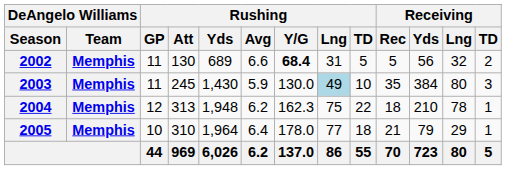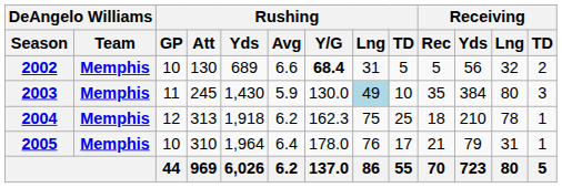 <table class="wikitable" style="text-align:center;">
 <tr>
 <th colspan="2">DeAngelo Williams</th>
 <th colspan="7">Rushing</th>
 <th colspan="4">Receiving</th>
 </tr>
 <tr>
 <th>Season</th>
 <th>Team</th>
 <th>GP</th>
 <th>Att</th>
 <th>Yds</th>
 <th>Avg</th>
 <th>Y/G</th>
 <th>Lng</th>
 <th>TD</th>
 <th>Rec</th>
 <th>Yds</th>
 <th>Lng</th>
 <th>TD</th>
 </tr>
 <tr>
 <th><a href='#'>2002</a></th>
 <th><a href='#'>Memphis</a></th>
-<td>11</td>
+<td>10</td>
 <td>130</td>
 <td>689</td>
 <td>6.6</td>
 <td><strong>68.4</strong></td>
 <td>31</td>
 <td>5</td>
 <td>5</td>
 <td>56</td>
 <td>32</td>
 <td>2</td>
 </tr>
 <tr>
 <th><a href='#'>2003</a></th>
 <th><a href='#'>Memphis</a></th>
 <td>11</td>
 <td>245</td>
 <td>1,430</td>
 <td>5.9</td>
 <td>130.0</td>
 <td style="background: lightblue;">49</td>
 <td>10</td>
 <td>35</td>
 <td>384</td>
 <td>80</td>
 <td>3</td>
 </tr>
 <tr>
 <th><a href='#'>2004</a></th>
 <th><a href='#'>Memphis</a></th>
 <td>12</td>
 <td>313</td>
-<td>1,948</td>
+<td>1,918</td>
 <td>6.2</td>
 <td>162.3</td>
 <td>75</td>
-<td>22</td>
+<td>25</td>
 <td>18</td>
 <td>210</td>
 <td>78</td>
 <td>1</td>
 </tr>
 <tr>
 <th><a href='#'>2005</a></th>
 <th><a href='#'>Memphis</a></th>
 <td>10</td>
 <td>310</td>
 <td>1,964</td>
 <td>6.4</td>
 <td>178.0</td>
-<td>77</td>
-<td>18</td>
+<td>76</td>
+<td>17</td>
 <td>21</td>
 <td>79</td>
-<td>29</td>
+<td>31</td>
 <td>1</td>
 </tr>
 <tr>
 <th colspan="2"></th>
 <th>44</th>
 <th>969</th>
 <th>6,026</th>
 <th>6.2</th>
 <th>137.0</th>
 <th>86</th>
 <th>55</th>
 <th>70</th>
 <th>723</th>
 <th>80</th>
 <th>5</th>
 </tr>
 </table>
